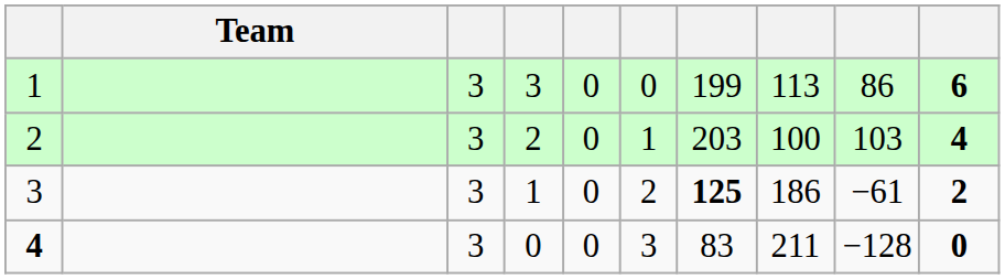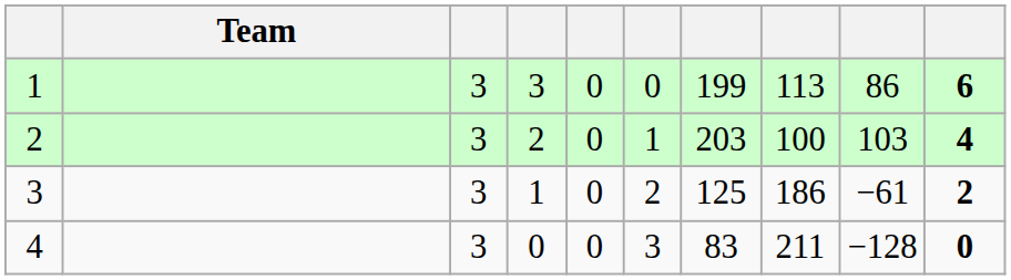 <table class=wikitable style=text-align:center>
 <tr>
 <th width=20 abbr=Position></th>
 <th width=175>Team</th>
 <th width=20 abbr=Played></th>
 <th width=20 abbr=Won></th>
 <th width=20 abbr=Drawn></th>
 <th width=20 abbr=Lost></th>
 <th width=30 abbr=Goal For></th>
 <th width=30 abbr=Goal Against></th>
 <th width=30 abbr=Goal Difference></th>
 <th width=30 abbr=Points></th>
 </tr>
 <tr bgcolor=#CCFFCC>
 <td>1 </td>
 <td align=left></td>
 <td>3</td>
 <td>3</td>
 <td>0</td>
 <td>0</td>
 <td>199</td>
 <td>113</td>
 <td>86</td>
 <td><strong>6</strong></td>
 </tr>
 <tr bgcolor=#CCFFCC>
 <td>2 </td>
 <td align=left></td>
 <td>3</td>
 <td>2</td>
 <td>0</td>
 <td>1</td>
 <td>203</td>
 <td>100</td>
 <td>103</td>
 <td><strong>4</strong></td>
 </tr>
 <tr>
 <td>3 </td>
 <td align=left></td>
 <td>3</td>
 <td>1</td>
 <td>0</td>
 <td>2</td>
-<td><strong>125</strong></td>
+<td>125</td>
 <td>186</td>
 <td>−61</td>
 <td><strong>2</strong></td>
 </tr>
 <tr>
-<td><strong>4 </strong></td>
+<td>4 </td>
 <td align=left></td>
 <td>3</td>
 <td>0</td>
 <td>0</td>
 <td>3</td>
 <td>83</td>
 <td>211</td>
 <td>−128</td>
 <td><strong>0</strong></td>
 </tr>
 </table>
